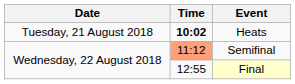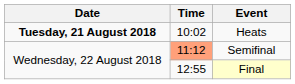 <table class = "wikitable" style="text-align:center;">
 <tr>
 <th width=220>Date</th>
 <th width=50>Time</th>
 <th width=100>Event</th>
 </tr>
 <tr>
-<td>Tuesday, 21 August 2018</td>
-<td><strong>10:02</strong></td>
+<td><strong>Tuesday, 21 August 2018</strong></td>
+<td>10:02</td>
 <td>Heats</td>
 </tr>
 <tr>
 <td rowspan="2">Wednesday, 22 August 2018</td>
 <td style="background: lightsalmon;">11:12</td>
 <td>Semifinal</td>
 </tr>
 <tr>
 <td>12:55</td>
 <td bgcolor=ffffcc>Final</td>
 </tr>
 </table>
